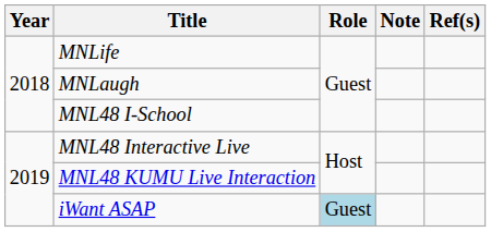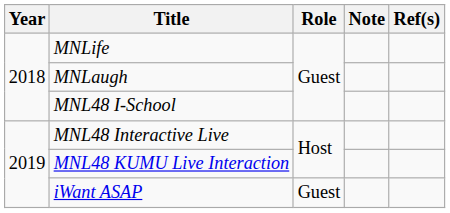 <table class="wikitable plainrowheaders sortable">
 <tr>
 <th scope="col">Year</th>
 <th scope="col">Title</th>
 <th scope="col">Role</th>
 <th>Note</th>
 <th scope="col">Ref(s)</th>
 </tr>
 <tr>
 <td rowspan="3">2018</td>
 <td><em>MNLife</em></td>
 <td rowspan="3">Guest</td>
 <td></td>
 <td></td>
 </tr>
 <tr>
 <td><em>MNLaugh</em></td>
 <td></td>
 <td></td>
 </tr>
 <tr>
 <td><em>MNL48 I-School</em></td>
 <td></td>
 <td></td>
 </tr>
 <tr>
 <td rowspan="3">2019</td>
 <td><em> MNL48 Interactive Live</em></td>
 <td rowspan="2">Host</td>
 <td></td>
 <td></td>
 </tr>
 <tr>
 <td><em><a href='#'>MNL48 KUMU Live Interaction</a></em></td>
 <td></td>
 <td></td>
 </tr>
 <tr>
 <td><em><a href='#'>iWant ASAP</a></em></td>
-<td style="background: lightblue;">Guest</td>
+<td>Guest</td>
 <td></td>
 <td></td>
 </tr>
 </table>
